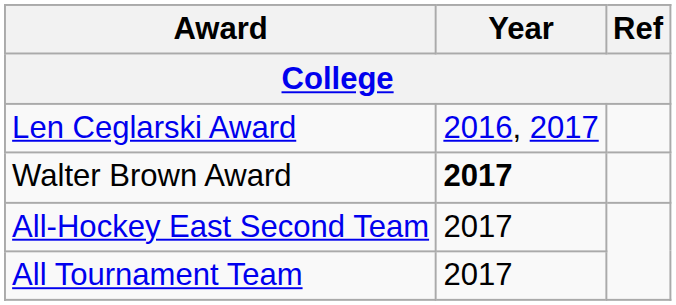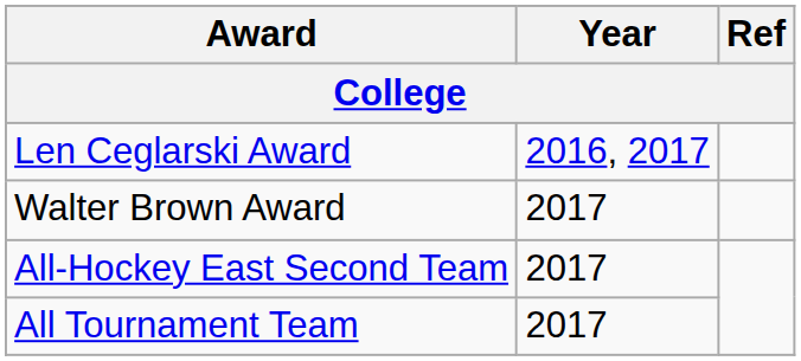 <table class="wikitable">
 <tr>
 <th>Award</th>
 <th>Year</th>
 <th>Ref</th>
 </tr>
 <tr>
 <th colspan="3"><a href='#'>College</a></th>
 </tr>
 <tr>
 <td><a href='#'>Len Ceglarski Award</a></td>
 <td><a href='#'>2016</a>, <a href='#'>2017</a></td>
 <td></td>
 </tr>
 <tr>
 <td>Walter Brown Award</td>
-<td><strong>2017</strong></td>
+<td>2017</td>
 <td></td>
 </tr>
 <tr>
 <td><a href='#'>All-Hockey East Second Team</a></td>
 <td>2017</td>
 <td rowspan="2"></td>
 </tr>
 <tr>
 <td><a href='#'>All Tournament Team</a></td>
 <td>2017</td>
 </tr>
 </table>
